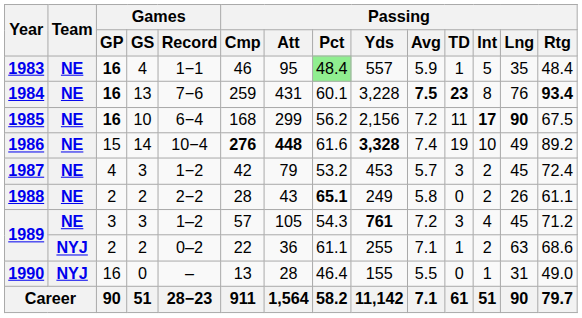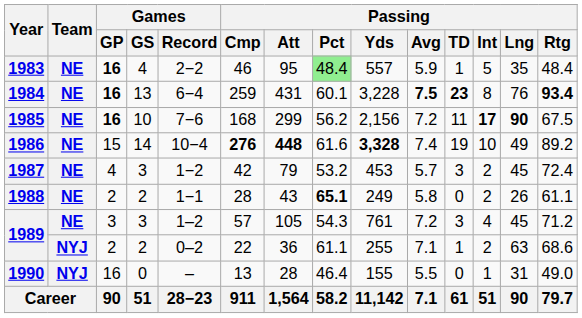 <table class="wikitable" style="text-align:center">
 <tr>
 <th rowspan="2">Year</th>
 <th rowspan="2">Team</th>
 <th colspan="3">Games</th>
 <th colspan="9">Passing</th>
 </tr>
 <tr>
 <th>GP</th>
 <th>GS</th>
 <th>Record</th>
 <th>Cmp</th>
 <th>Att</th>
 <th>Pct</th>
 <th>Yds</th>
 <th>Avg</th>
 <th>TD</th>
 <th>Int</th>
 <th>Lng</th>
 <th>Rtg</th>
 </tr>
 <tr>
 <th><a href='#'>1983</a></th>
 <th><a href='#'>NE</a></th>
 <td><strong>16</strong></td>
 <td>4</td>
-<td>1−1</td>
+<td>2−2</td>
 <td>46</td>
 <td>95</td>
 <td style="background: lightgreen;">48.4</td>
 <td>557</td>
 <td>5.9</td>
 <td>1</td>
 <td>5</td>
 <td>35</td>
 <td>48.4</td>
 </tr>
 <tr>
 <th><a href='#'>1984</a></th>
 <th><a href='#'>NE</a></th>
 <td><strong>16</strong></td>
 <td>13</td>
-<td>7−6</td>
+<td>6−4</td>
 <td>259</td>
 <td>431</td>
 <td>60.1</td>
 <td>3,228</td>
 <td><strong>7.5</strong></td>
 <td><strong>23</strong></td>
 <td>8</td>
 <td>76</td>
 <td><strong>93.4</strong></td>
 </tr>
 <tr>
 <th><a href='#'>1985</a></th>
 <th><a href='#'>NE</a></th>
 <td><strong>16</strong></td>
 <td>10</td>
-<td>6−4</td>
+<td>7−6</td>
 <td>168</td>
 <td>299</td>
 <td>56.2</td>
 <td>2,156</td>
 <td>7.2</td>
 <td>11</td>
 <td><strong>17</strong></td>
 <td><strong>90</strong></td>
 <td>67.5</td>
 </tr>
 <tr>
 <th><a href='#'>1986</a></th>
 <th><a href='#'>NE</a></th>
 <td>15</td>
 <td>14</td>
 <td>10−4</td>
 <td><strong>276</strong></td>
 <td><strong>448</strong></td>
 <td>61.6</td>
 <td><strong>3,328</strong></td>
 <td>7.4</td>
 <td>19</td>
 <td>10</td>
 <td>49</td>
 <td>89.2</td>
 </tr>
 <tr>
 <th><a href='#'>1987</a></th>
 <th><a href='#'>NE</a></th>
 <td>4</td>
 <td>3</td>
 <td>1−2</td>
 <td>42</td>
 <td>79</td>
 <td>53.2</td>
 <td>453</td>
 <td>5.7</td>
 <td>3</td>
 <td>2</td>
 <td>45</td>
 <td>72.4</td>
 </tr>
 <tr>
 <th><a href='#'>1988</a></th>
 <th><a href='#'>NE</a></th>
 <td>2</td>
 <td>2</td>
-<td>2−2</td>
+<td>1−1</td>
 <td>28</td>
 <td>43</td>
 <td><strong>65.1</strong></td>
 <td>249</td>
 <td>5.8</td>
 <td>0</td>
 <td>2</td>
 <td>26</td>
 <td>61.1</td>
 </tr>
 <tr>
 <th rowspan="2"><a href='#'>1989</a></th>
 <th><a href='#'>NE</a></th>
 <td>3</td>
 <td>3</td>
 <td>1–2</td>
 <td>57</td>
 <td>105</td>
 <td>54.3</td>
-<td><strong>761</strong></td>
+<td>761</td>
 <td>7.2</td>
 <td>3</td>
 <td>4</td>
 <td>45</td>
 <td>71.2</td>
 </tr>
 <tr>
 <th><a href='#'>NYJ</a></th>
 <td>2</td>
 <td>2</td>
 <td>0–2</td>
 <td>22</td>
 <td>36</td>
 <td>61.1</td>
 <td>255</td>
 <td>7.1</td>
 <td>1</td>
 <td>2</td>
 <td>63</td>
 <td>68.6</td>
 </tr>
 <tr>
 <th><a href='#'>1990</a></th>
 <th><a href='#'>NYJ</a></th>
 <td>16</td>
 <td>0</td>
 <td>–</td>
 <td>13</td>
 <td>28</td>
 <td>46.4</td>
 <td>155</td>
 <td>5.5</td>
 <td>0</td>
 <td>1</td>
 <td>31</td>
 <td>49.0</td>
 </tr>
 <tr>
 <th colspan="2">Career</th>
 <th>90</th>
 <th>51</th>
 <th>28−23</th>
 <th>911</th>
 <th>1,564</th>
 <th>58.2</th>
 <th>11,142</th>
 <th>7.1</th>
 <th>61</th>
 <th>51</th>
 <th>90</th>
 <th>79.7</th>
 </tr>
 </table>
